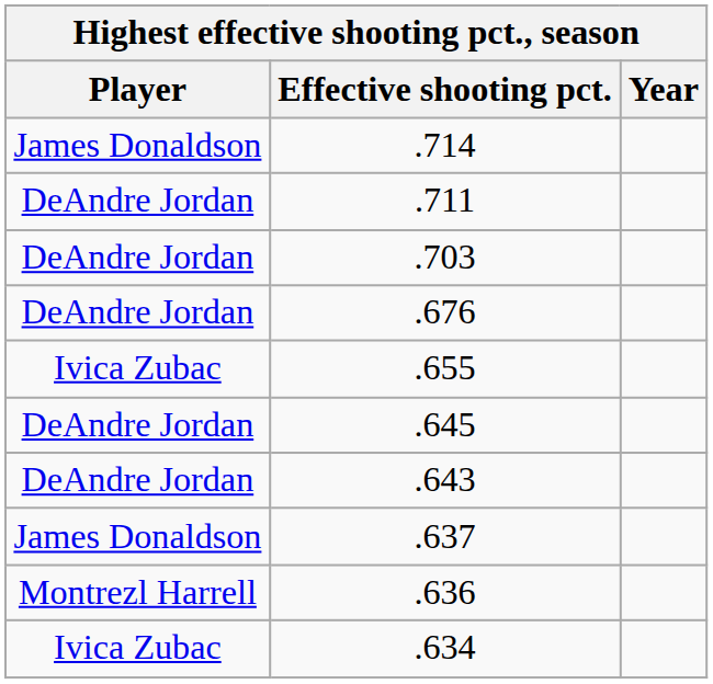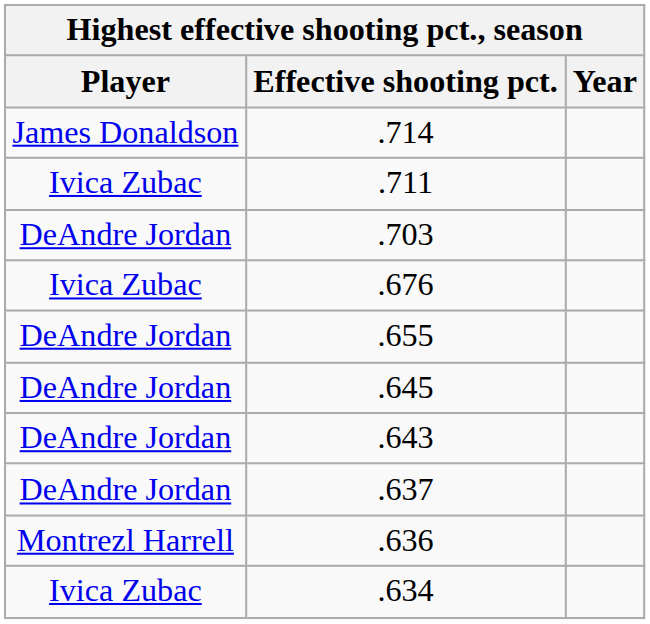 <table class="wikitable sortable" style="text-align:center">
 <tr>
 <th colspan="3">Highest effective shooting pct., season</th>
 </tr>
 <tr>
 <th>Player</th>
 <th>Effective shooting pct.</th>
 <th>Year</th>
 </tr>
 <tr>
 <td><a href='#'>James Donaldson</a></td>
 <td>.714</td>
 <td></td>
 </tr>
 <tr>
-<td><a href='#'>DeAndre Jordan</a></td>
+<td><a href='#'>Ivica Zubac</a></td>
 <td>.711</td>
 <td></td>
 </tr>
 <tr>
 <td><a href='#'>DeAndre Jordan</a></td>
 <td>.703</td>
 <td></td>
 </tr>
 <tr>
-<td><a href='#'>DeAndre Jordan</a></td>
+<td><a href='#'>Ivica Zubac</a></td>
 <td>.676</td>
 <td></td>
 </tr>
 <tr>
-<td><a href='#'>Ivica Zubac</a></td>
+<td><a href='#'>DeAndre Jordan</a></td>
 <td>.655</td>
 <td></td>
 </tr>
 <tr>
 <td><a href='#'>DeAndre Jordan</a></td>
 <td>.645</td>
 <td></td>
 </tr>
 <tr>
 <td><a href='#'>DeAndre Jordan</a></td>
 <td>.643</td>
 <td></td>
 </tr>
 <tr>
-<td><a href='#'>James Donaldson</a></td>
+<td><a href='#'>DeAndre Jordan</a></td>
 <td>.637</td>
 <td></td>
 </tr>
 <tr>
 <td><a href='#'>Montrezl Harrell</a></td>
 <td>.636</td>
 <td></td>
 </tr>
 <tr>
 <td><a href='#'>Ivica Zubac</a></td>
 <td>.634</td>
 <td></td>
 </tr>
 </table>
